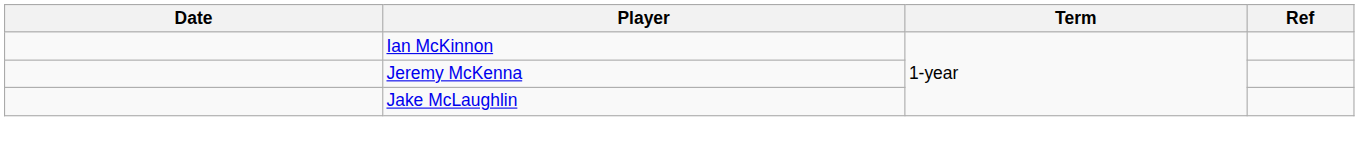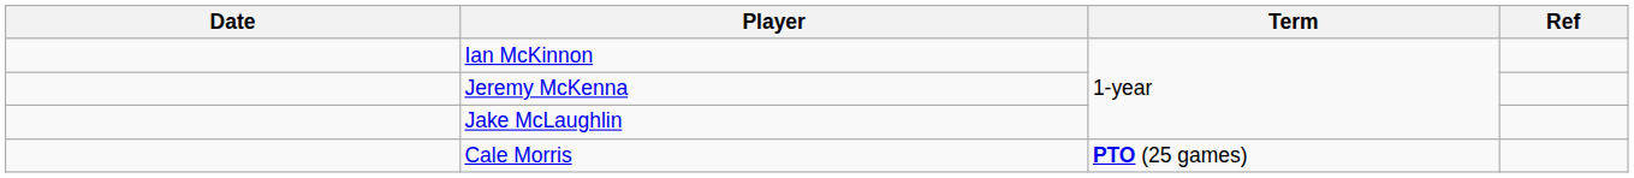 <table class="wikitable" width=98%>
 <tr bgcolor="#dddddd">
 <th style="width: 10em;">Date</th>
 <th style="width: 14em;">Player</th>
 <th style="width: 9em;">Term</th>
 <th style="width: 2.5em;">Ref</th>
 </tr>
 <tr>
 <td></td>
 <td><a href='#'>Ian McKinnon</a></td>
 <td rowspan=3>1-year</td>
 <td></td>
 </tr>
 <tr>
 <td></td>
 <td><a href='#'>Jeremy McKenna</a></td>
 <td></td>
 </tr>
 <tr>
 <td></td>
 <td><a href='#'>Jake McLaughlin</a></td>
 <td></td>
 </tr>
+<tr>
+<td></td>
+<td><a href='#'>Cale Morris</a></td>
+<td><strong><a href='#'>PTO</a></strong> (25 games)</td>
+<td></td>
+</tr>
 </table>
